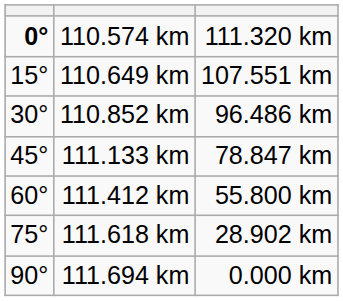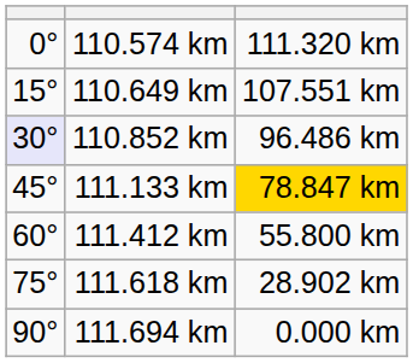 <table class="wikitable" style="float: right; margin-left:1em; text-align:right;">
 <tr>
 <th></th>
 <th></th>
 <th></th>
 </tr>
 <tr>
-<td><strong>0°</strong></td>
+<td>0°</td>
 <td>110.574 km</td>
 <td>111.320 km</td>
 </tr>
 <tr>
 <td>15°</td>
 <td>110.649 km</td>
 <td>107.551 km</td>
 </tr>
 <tr>
-<td>30°</td>
+<td style="background: lavender;">30°</td>
 <td>110.852 km</td>
 <td>96.486 km</td>
 </tr>
 <tr>
 <td>45°</td>
 <td>111.133 km</td>
-<td>78.847 km</td>
+<td style="background: gold;">78.847 km</td>
 </tr>
 <tr>
 <td>60°</td>
 <td>111.412 km</td>
 <td>55.800 km</td>
 </tr>
 <tr>
 <td>75°</td>
 <td>111.618 km</td>
 <td>28.902 km</td>
 </tr>
 <tr>
 <td>90°</td>
 <td>111.694 km</td>
 <td>0.000 km</td>
 </tr>
 </table>
